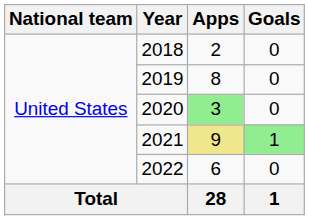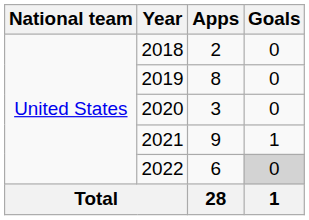 <table class="wikitable" style="text-align:center">
 <tr>
 <th>National team</th>
 <th>Year</th>
 <th>Apps</th>
 <th>Goals</th>
 </tr>
 <tr>
 <td rowspan="5"><a href='#'>United States</a></td>
 <td>2018</td>
 <td>2</td>
 <td>0</td>
 </tr>
 <tr>
 <td>2019</td>
 <td>8</td>
 <td>0</td>
 </tr>
 <tr>
 <td>2020</td>
-<td style="background: lightgreen;">3</td>
+<td>3</td>
 <td>0</td>
 </tr>
 <tr>
 <td>2021</td>
-<td style="background: khaki;">9</td>
-<td style="background: lightgreen;">1</td>
+<td>9</td>
+<td>1</td>
 </tr>
 <tr>
 <td>2022</td>
 <td>6</td>
-<td>0</td>
+<td style="background: lightgrey;">0</td>
 </tr>
 <tr>
 <th colspan="2">Total</th>
 <th>28</th>
 <th>1</th>
 </tr>
 </table>
